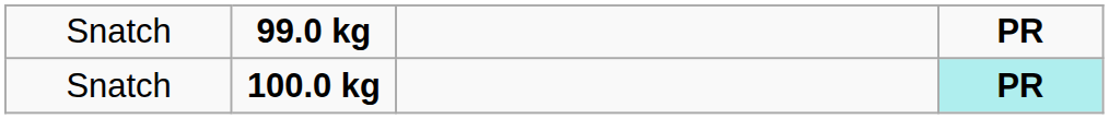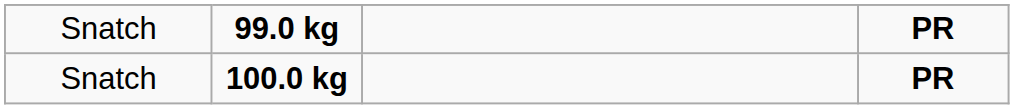 <table class = "wikitable" style="text-align:center;">
 <tr>
 <td width=100>Snatch</td>
 <td width=70><strong>99.0 kg</strong></td>
 <td width=250 align=left></td>
 <td width=70><strong>PR</strong></td>
 </tr>
 <tr>
 <td>Snatch</td>
 <td><strong>100.0 kg</strong></td>
 <td align=left></td>
-<td style="background: paleturquoise;"><strong>PR</strong></td>
+<td><strong>PR</strong></td>
 </tr>
 </table>
